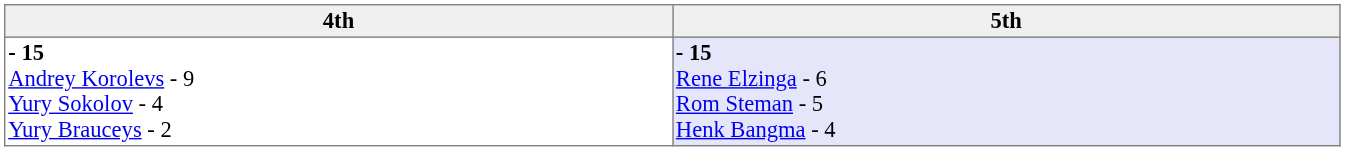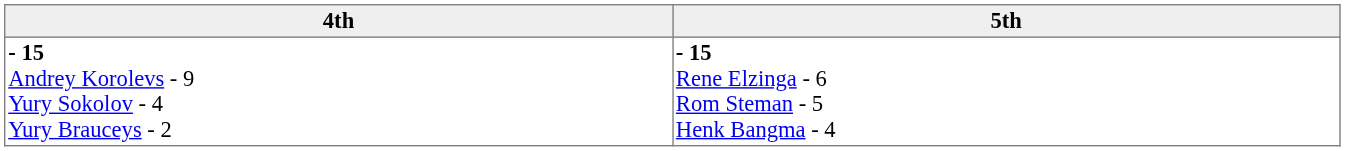 <table border="1" cellpadding="2" cellspacing="0" style="width:75%; border-collapse:collapse">
 <tr style="text-align:left; background:#efefef;">
 <th style="width:15%; text-align:center;">4th</th>
 <th style="width:15%; text-align:center;">5th</th>
 </tr>
 <tr align=left>
 <td valign=top align=left><strong> - 15</strong><br><a href='#'>Andrey Korolevs</a> - 9<br><a href='#'>Yury Sokolov</a> - 4<br><a href='#'>Yury Brauceys</a> - 2</td>
-<td valign=top align=left style="background: lavender;"><strong> - 15</strong><br><a href='#'>Rene Elzinga</a> - 6<br><a href='#'>Rom Steman</a> - 5<br><a href='#'>Henk Bangma</a> - 4</td>
+<td valign=top align=left><strong> - 15</strong><br><a href='#'>Rene Elzinga</a> - 6<br><a href='#'>Rom Steman</a> - 5<br><a href='#'>Henk Bangma</a> - 4</td>
 </tr>
 </table>
